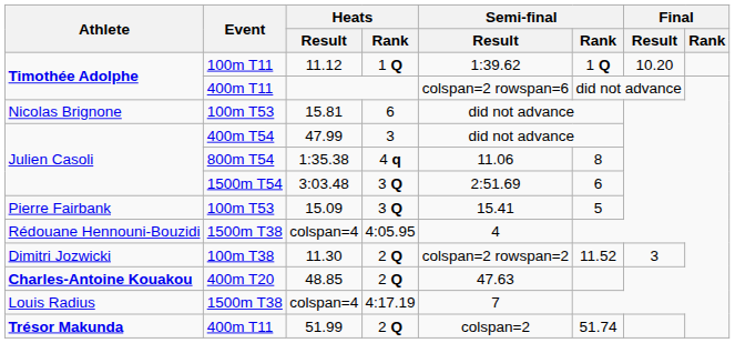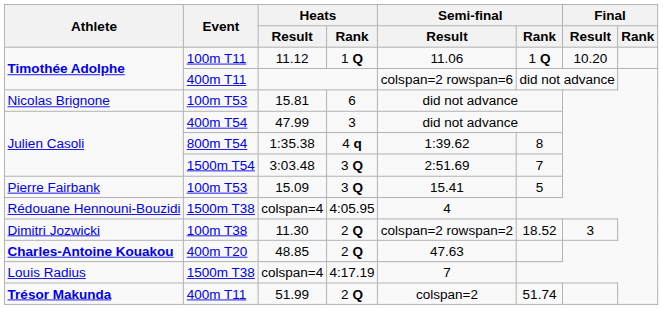 <table class=wikitable style="font-size:95%">
 <tr>
 <th rowspan="2">Athlete</th>
 <th rowspan="2">Event</th>
 <th colspan="2">Heats</th>
 <th colspan="2">Semi-final</th>
 <th colspan="2">Final</th>
 </tr>
 <tr>
 <th>Result</th>
 <th>Rank</th>
 <th>Result</th>
 <th>Rank</th>
 <th>Result</th>
 <th>Rank</th>
 </tr>
 <tr align=center>
 <td rowspan=2 align=left><strong><a href='#'>Timothée Adolphe</a></strong></td>
 <td align=left><a href='#'>100m T11</a></td>
 <td>11.12</td>
 <td>1 <strong>Q</strong></td>
-<td>1:39.62</td>
+<td>11.06</td>
 <td>1 <strong>Q</strong></td>
 <td>10.20</td>
 <td></td>
 </tr>
 <tr align=center>
 <td align=left><a href='#'>400m T11</a></td>
 <td colspan=2></td>
 <td>colspan=2 rowspan=6 </td>
 <td colspan=2>did not advance</td>
 </tr>
 <tr align=center>
 <td align=left><a href='#'>Nicolas Brignone</a></td>
 <td align=left><a href='#'>100m T53</a></td>
 <td>15.81</td>
 <td>6</td>
 <td colspan=2>did not advance</td>
 </tr>
 <tr align=center>
 <td align=left rowspan=3><a href='#'>Julien Casoli</a></td>
 <td align=left><a href='#'>400m T54</a></td>
 <td>47.99</td>
 <td>3</td>
 <td colspan=2>did not advance</td>
 </tr>
 <tr align=center>
 <td align=left><a href='#'>800m T54</a></td>
 <td>1:35.38</td>
 <td>4 <strong>q</strong></td>
-<td>11.06</td>
+<td>1:39.62</td>
 <td>8</td>
 </tr>
 <tr align=center>
 <td align=left><a href='#'>1500m T54</a></td>
 <td>3:03.48</td>
 <td>3 <strong>Q</strong></td>
 <td>2:51.69</td>
-<td>6</td>
+<td>7</td>
 </tr>
 <tr align=center>
 <td align=left><a href='#'>Pierre Fairbank</a></td>
 <td align=left><a href='#'>100m T53</a></td>
 <td>15.09</td>
 <td>3 <strong>Q</strong></td>
 <td>15.41</td>
 <td>5</td>
 </tr>
 <tr align=center>
 <td align=left><a href='#'>Rédouane Hennouni-Bouzidi</a></td>
 <td align=left><a href='#'>1500m T38</a></td>
 <td>colspan=4 </td>
 <td>4:05.95</td>
 <td>4</td>
 </tr>
 <tr align=center>
 <td align=left><a href='#'>Dimitri Jozwicki</a></td>
 <td align=left><a href='#'>100m T38</a></td>
 <td>11.30</td>
 <td>2 <strong>Q</strong></td>
 <td>colspan=2 rowspan=2 </td>
-<td>11.52</td>
+<td>18.52</td>
 <td>3</td>
 </tr>
 <tr align=center>
 <td align=left><strong><a href='#'>Charles-Antoine Kouakou</a></strong></td>
 <td align=left><a href='#'>400m T20</a></td>
 <td>48.85</td>
 <td>2 <strong>Q</strong></td>
 <td>47.63</td>
 <td></td>
 </tr>
 <tr align=center>
 <td align=left><a href='#'>Louis Radius</a></td>
 <td align=left><a href='#'>1500m T38</a></td>
 <td>colspan=4 </td>
 <td>4:17.19</td>
 <td>7</td>
 </tr>
 <tr align=center>
 <td align=left><strong><a href='#'>Trésor Makunda</a></strong></td>
 <td align=left><a href='#'>400m T11</a></td>
 <td>51.99</td>
 <td>2 <strong>Q</strong></td>
 <td>colspan=2 </td>
 <td>51.74</td>
 <td></td>
 </tr>
 </table>
